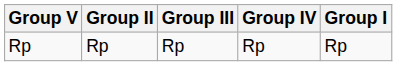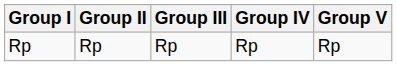 <table class="wikitable">
 <tr>
-<th>Group V</th>
+<th>Group I</th>
 <th>Group II</th>
 <th>Group III</th>
 <th>Group IV</th>
-<th>Group I</th>
+<th>Group V</th>
 </tr>
 <tr>
 <td>Rp </td>
 <td>Rp </td>
 <td>Rp </td>
 <td>Rp </td>
 <td>Rp </td>
 </tr>
 </table>
